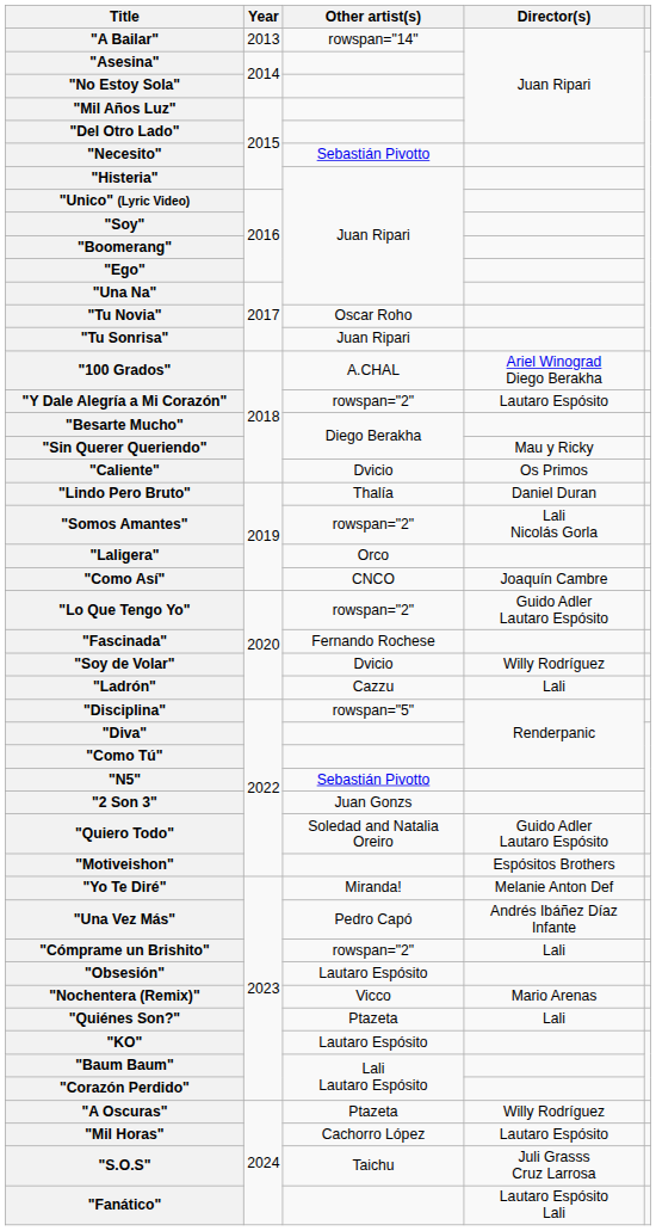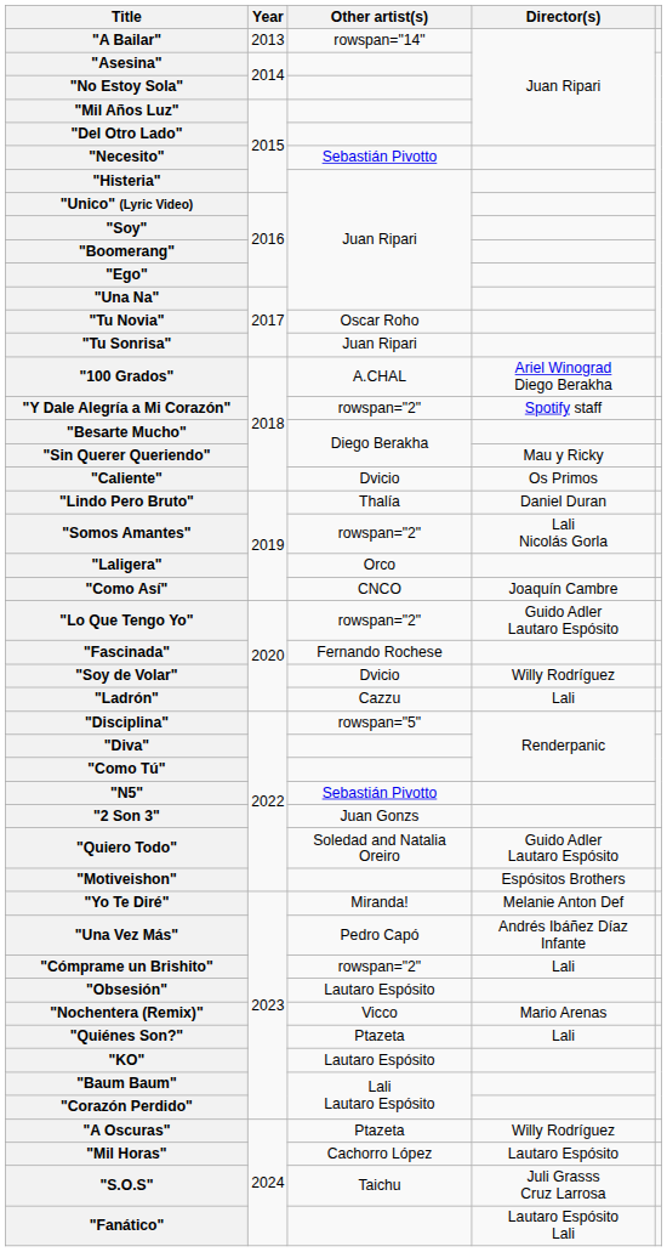 <table class="wikitable plainrowheaders" style="text-align:center;">
 <tr>
 <th scope="col" style="width:16em;">Title</th>
 <th scope="col">Year</th>
 <th scope="col" style="width:12em;">Other artist(s)</th>
 <th scope="col" style="width:12em;">Director(s)</th>
 <th scope="col"></th>
 </tr>
 <tr>
 <th scope="row">"A Bailar"</th>
 <td>2013</td>
 <td>rowspan="14" </td>
 <td rowspan="5">Juan Ripari</td>
 <td></td>
 </tr>
 <tr>
 <th scope="row">"Asesina"</th>
 <td rowspan="2">2014</td>
 <td></td>
 </tr>
 <tr>
 <th scope="row">"No Estoy Sola"</th>
 <td></td>
 </tr>
 <tr>
 <th scope="row">"Mil Años Luz"</th>
 <td rowspan="4">2015</td>
 <td></td>
 </tr>
 <tr>
 <th scope="row">"Del Otro Lado"</th>
 <td></td>
 </tr>
 <tr>
 <th scope="row">"Necesito"</th>
 <td><a href='#'>Sebastián Pivotto</a></td>
 <td></td>
 </tr>
 <tr>
 <th scope="row">"Histeria"</th>
 <td rowspan="6">Juan Ripari</td>
 <td></td>
 </tr>
 <tr>
 <th scope="row">"Unico" <small>(Lyric Video)</small></th>
 <td rowspan="4">2016</td>
 <td></td>
 </tr>
 <tr>
 <th scope="row">"Soy"</th>
 <td></td>
 </tr>
 <tr>
 <th scope="row">"Boomerang"</th>
 <td></td>
 </tr>
 <tr>
 <th scope="row">"Ego"</th>
 <td></td>
 </tr>
 <tr>
 <th scope="row">"Una Na"</th>
 <td rowspan="3">2017</td>
 <td></td>
 </tr>
 <tr>
 <th scope="row">"Tu Novia"</th>
 <td>Oscar Roho</td>
 <td></td>
 </tr>
 <tr>
 <th scope="row">"Tu Sonrisa"</th>
 <td>Juan Ripari</td>
 <td></td>
 </tr>
 <tr>
 <th scope="row">"100 Grados"</th>
 <td rowspan="5">2018</td>
 <td>A.CHAL</td>
 <td><a href='#'>Ariel Winograd</a><br>Diego Berakha</td>
 <td></td>
 </tr>
 <tr>
 <th scope="row">"Y Dale Alegría a Mi Corazón"</th>
 <td>rowspan="2" </td>
-<td>Lautaro Espósito</td>
+<td><a href='#'>Spotify</a> staff</td>
 <td></td>
 </tr>
 <tr>
 <th scope="row">"Besarte Mucho"</th>
 <td rowspan="2">Diego Berakha</td>
 <td></td>
 </tr>
 <tr>
 <th scope="row">"Sin Querer Queriendo"</th>
 <td>Mau y Ricky</td>
 <td></td>
 </tr>
 <tr>
 <th scope="row">"Caliente"</th>
 <td>Dvicio</td>
 <td>Os Primos</td>
 <td></td>
 </tr>
 <tr>
 <th scope="row">"Lindo Pero Bruto"</th>
 <td rowspan="4">2019</td>
 <td>Thalía</td>
 <td>Daniel Duran</td>
 <td></td>
 </tr>
 <tr>
 <th scope="row">"Somos Amantes"</th>
 <td>rowspan="2" </td>
 <td>Lali<br>Nicolás Gorla</td>
 <td></td>
 </tr>
 <tr>
 <th scope="row">"Laligera"</th>
 <td>Orco</td>
 <td></td>
 </tr>
 <tr>
 <th scope="row">"Como Así"</th>
 <td>CNCO</td>
 <td>Joaquín Cambre</td>
 <td></td>
 </tr>
 <tr>
 <th scope="row">"Lo Que Tengo Yo"</th>
 <td rowspan="4">2020</td>
 <td>rowspan="2" </td>
 <td>Guido Adler<br>Lautaro Espósito</td>
 <td></td>
 </tr>
 <tr>
 <th scope="row">"Fascinada"</th>
 <td>Fernando Rochese</td>
 <td></td>
 </tr>
 <tr>
 <th scope="row">"Soy de Volar"</th>
 <td>Dvicio</td>
 <td>Willy Rodríguez</td>
 <td></td>
 </tr>
 <tr>
 <th scope="row">"Ladrón"</th>
 <td>Cazzu</td>
 <td>Lali</td>
 <td></td>
 </tr>
 <tr>
 <th scope="row">"Disciplina"</th>
 <td rowspan="7">2022</td>
 <td>rowspan="5" </td>
 <td rowspan="3">Renderpanic</td>
 <td></td>
 </tr>
 <tr>
 <th scope="row">"Diva"</th>
 <td></td>
 </tr>
 <tr>
 <th scope="row">"Como Tú"</th>
 <td></td>
 </tr>
 <tr>
 <th scope="row">"N5"</th>
 <td><a href='#'>Sebastián Pivotto</a></td>
 <td></td>
 </tr>
 <tr>
 <th scope="row">"2 Son 3"</th>
 <td>Juan Gonzs</td>
 <td></td>
 </tr>
 <tr>
 <th scope="row">"Quiero Todo"</th>
 <td>Soledad and Natalia Oreiro</td>
 <td>Guido Adler<br>Lautaro Espósito</td>
 <td></td>
 </tr>
 <tr>
 <th scope="row">"Motiveishon"</th>
 <td></td>
 <td>Espósitos Brothers</td>
 <td></td>
 </tr>
 <tr>
 <th scope="row">"Yo Te Diré"</th>
 <td rowspan="9">2023</td>
 <td>Miranda!</td>
 <td>Melanie Anton Def</td>
 <td></td>
 </tr>
 <tr>
 <th scope="row">"Una Vez Más"</th>
 <td>Pedro Capó</td>
 <td>Andrés Ibáñez Díaz Infante</td>
 <td></td>
 </tr>
 <tr>
 <th scope="row">"Cómprame un Brishito"</th>
 <td>rowspan="2" </td>
 <td>Lali</td>
 <td></td>
 </tr>
 <tr>
 <th scope="row">"Obsesión"</th>
 <td>Lautaro Espósito</td>
 <td></td>
 </tr>
 <tr>
 <th scope="row">"Nochentera (Remix)"</th>
 <td>Vicco</td>
 <td>Mario Arenas</td>
 <td></td>
 </tr>
 <tr>
 <th scope="row">"Quiénes Son?"</th>
 <td>Ptazeta</td>
 <td>Lali</td>
 <td></td>
 </tr>
 <tr>
 <th scope="row">"KO"</th>
 <td>Lautaro Espósito</td>
 <td></td>
 </tr>
 <tr>
 <th scope="row">"Baum Baum"</th>
 <td rowspan="2">Lali<br>Lautaro Espósito</td>
 <td></td>
 </tr>
 <tr>
 <th scope="row">"Corazón Perdido"</th>
 <td></td>
 </tr>
 <tr>
 <th scope="row">"A Oscuras"</th>
 <td rowspan="4">2024</td>
 <td>Ptazeta</td>
 <td>Willy Rodríguez</td>
 <td></td>
 </tr>
 <tr>
 <th scope="row">"Mil Horas"</th>
 <td>Cachorro López</td>
 <td>Lautaro Espósito</td>
 <td></td>
 </tr>
 <tr>
 <th scope="row">"S.O.S"</th>
 <td>Taichu</td>
 <td>Juli Grasss<br>Cruz Larrosa</td>
 <td></td>
 </tr>
 <tr>
 <th scope="row">"Fanático"</th>
 <td></td>
 <td>Lautaro Espósito<br>Lali</td>
 <td></td>
 </tr>
 </table>
